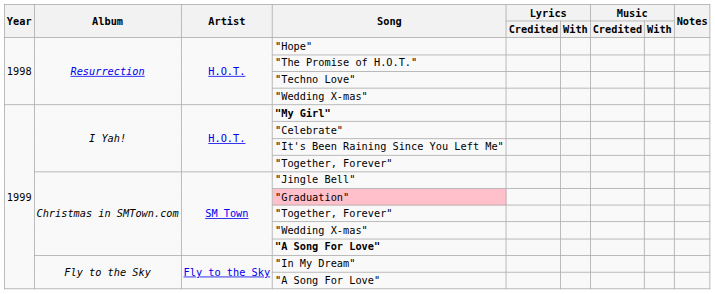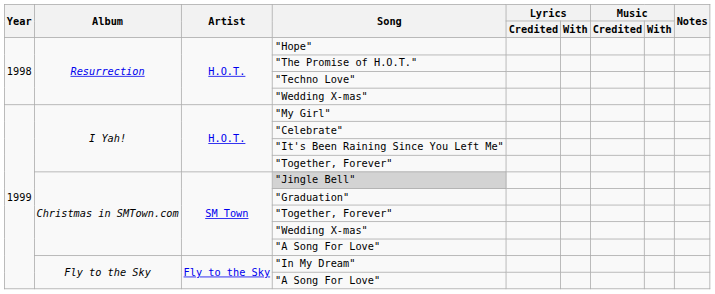 <table class="wikitable">
 <tr>
 <th rowspan="2">Year</th>
 <th rowspan="2">Album</th>
 <th rowspan="2">Artist</th>
 <th rowspan="2">Song</th>
 <th colspan="2">Lyrics</th>
 <th colspan="2">Music</th>
 <th rowspan="2">Notes</th>
 </tr>
 <tr>
 <th>Credited</th>
 <th>With</th>
 <th>Credited</th>
 <th>With</th>
 </tr>
 <tr>
 <td rowspan=4>1998</td>
 <td rowspan="4" style="text-align:center;"><em><a href='#'>Resurrection</a></em></td>
 <td rowspan="4" style="text-align:center;"><a href='#'>H.O.T.</a></td>
 <td>"Hope"</td>
 <td></td>
 <td></td>
 <td></td>
 <td></td>
 <td></td>
 </tr>
 <tr>
 <td>"The Promise of H.O.T."</td>
 <td></td>
 <td></td>
 <td></td>
 <td></td>
 <td></td>
 </tr>
 <tr>
 <td>"Techno Love"</td>
 <td></td>
 <td></td>
 <td></td>
 <td></td>
 <td></td>
 </tr>
 <tr>
 <td>"Wedding X-mas"</td>
 <td></td>
 <td></td>
 <td></td>
 <td></td>
 <td></td>
 </tr>
 <tr>
 <td rowspan=11>1999</td>
 <td rowspan="4" style="text-align:center;"><em>I Yah!</em></td>
 <td rowspan="4" style="text-align:center;"><a href='#'>H.O.T.</a></td>
-<td><strong>"My Girl"</strong></td>
+<td>"My Girl"</td>
 <td></td>
 <td></td>
 <td></td>
 <td></td>
 <td></td>
 </tr>
 <tr>
 <td>"Celebrate"</td>
 <td></td>
 <td></td>
 <td></td>
 <td></td>
 <td></td>
 </tr>
 <tr>
 <td>"It's Been Raining Since You Left Me"</td>
 <td></td>
 <td></td>
 <td></td>
 <td></td>
 <td></td>
 </tr>
 <tr>
 <td>"Together, Forever"</td>
 <td></td>
 <td></td>
 <td></td>
 <td></td>
 <td></td>
 </tr>
 <tr>
 <td rowspan="5" style="text-align:center;"><em>Christmas in SMTown.com</em></td>
 <td rowspan="5" style="text-align:center;"><a href='#'>SM Town</a></td>
-<td>"Jingle Bell"</td>
+<td style="background: lightgrey;">"Jingle Bell"</td>
 <td></td>
 <td></td>
 <td></td>
 <td></td>
 <td></td>
 </tr>
 <tr>
-<td style="background: pink;">"Graduation"</td>
+<td>"Graduation"</td>
 <td></td>
 <td></td>
 <td></td>
 <td></td>
 <td></td>
 </tr>
 <tr>
 <td>"Together, Forever"</td>
 <td></td>
 <td></td>
 <td></td>
 <td></td>
 <td></td>
 </tr>
 <tr>
 <td>"Wedding X-mas"</td>
 <td></td>
 <td></td>
 <td></td>
 <td></td>
 <td></td>
 </tr>
 <tr>
-<td><strong>"A Song For Love"</strong></td>
+<td>"A Song For Love"</td>
 <td></td>
 <td></td>
 <td></td>
 <td></td>
 <td></td>
 </tr>
 <tr>
 <td rowspan="2" style="text-align:center;"><em>Fly to the Sky</em></td>
 <td rowspan="2" style="text-align:center;"><a href='#'>Fly to the Sky</a></td>
 <td>"In My Dream"</td>
 <td></td>
 <td></td>
 <td></td>
 <td></td>
 <td></td>
 </tr>
 <tr>
 <td>"A Song For Love"</td>
 <td></td>
 <td></td>
 <td></td>
 <td></td>
 <td></td>
 </tr>
 </table>
